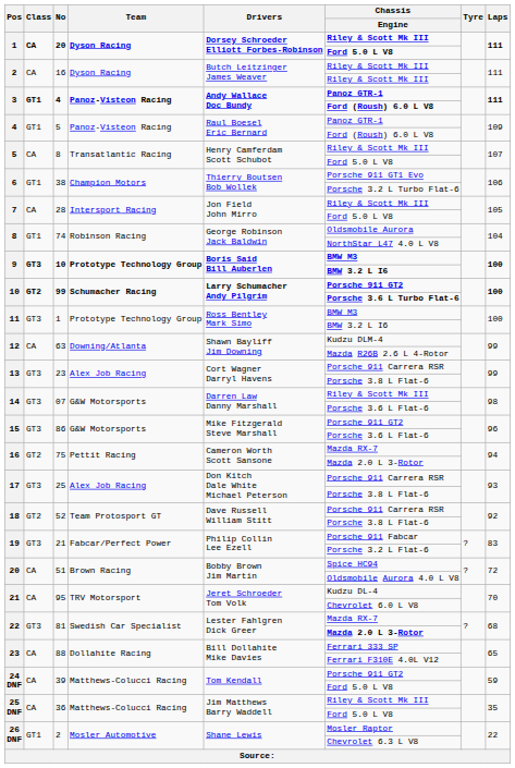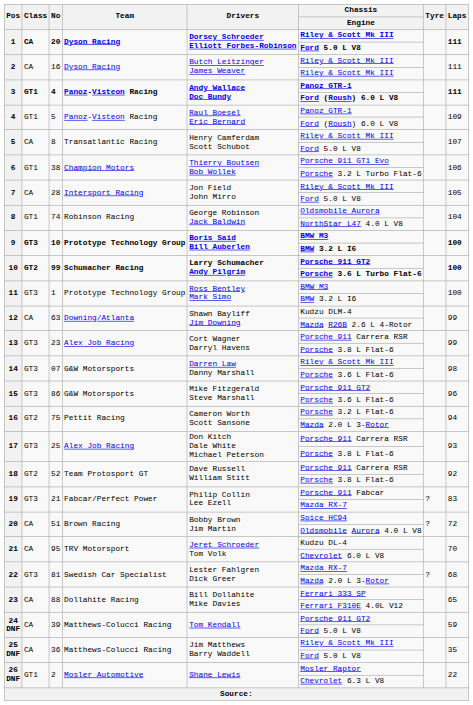 <table class="wikitable" style="font-size: 95%;">
 <tr>
 <th rowspan=2>Pos</th>
 <th rowspan=2>Class</th>
 <th rowspan=2>No</th>
 <th rowspan=2>Team</th>
 <th rowspan=2>Drivers</th>
 <th>Chassis</th>
 <th rowspan=2>Tyre</th>
 <th rowspan=2>Laps</th>
 </tr>
 <tr>
 <th>Engine</th>
 </tr>
 <tr>
 <th rowspan=2>1</th>
 <td rowspan=2><strong>CA</strong></td>
 <td rowspan=2><strong>20</strong></td>
 <td rowspan=2><strong> <a href='#'>Dyson Racing</a></strong></td>
 <td rowspan=2><strong> <a href='#'>Dorsey Schroeder</a><br> <a href='#'>Elliott Forbes-Robinson</a></strong></td>
 <td><strong><a href='#'>Riley & Scott Mk III</a></strong></td>
 <td rowspan=2></td>
 <td rowspan=2><strong>111</strong></td>
 </tr>
 <tr>
 <td><strong><a href='#'>Ford</a> 5.0 L V8</strong></td>
 </tr>
 <tr>
 <th rowspan=2>2</th>
 <td rowspan=2>CA</td>
 <td rowspan=2>16</td>
 <td rowspan=2> <a href='#'>Dyson Racing</a></td>
 <td rowspan=2> <a href='#'>Butch Leitzinger</a><br> <a href='#'>James Weaver</a></td>
 <td><a href='#'>Riley & Scott Mk III</a></td>
 <td rowspan=2></td>
 <td rowspan=2>111</td>
 </tr>
 <tr>
 <td><a href='#'>Riley & Scott Mk III</a></td>
 </tr>
 <tr>
 <th rowspan=2>3</th>
 <td rowspan=2><strong>GT1</strong></td>
 <td rowspan=2><strong>4</strong></td>
 <td rowspan=2><strong> <a href='#'>Panoz</a>-<a href='#'>Visteon</a> Racing</strong></td>
 <td rowspan=2><strong> <a href='#'>Andy Wallace</a><br> <a href='#'>Doc Bundy</a></strong></td>
 <td><strong><a href='#'>Panoz GTR-1</a></strong></td>
 <td rowspan=2></td>
 <td rowspan=2><strong>111</strong></td>
 </tr>
 <tr>
 <td><strong><a href='#'>Ford</a> (<a href='#'>Roush</a>) 6.0 L V8</strong></td>
 </tr>
 <tr>
 <th rowspan=2>4</th>
 <td rowspan=2>GT1</td>
 <td rowspan=2>5</td>
 <td rowspan=2> <a href='#'>Panoz</a>-<a href='#'>Visteon</a> Racing</td>
 <td rowspan=2> <a href='#'>Raul Boesel</a><br> <a href='#'>Eric Bernard</a></td>
 <td><a href='#'>Panoz GTR-1</a></td>
 <td rowspan=2></td>
 <td rowspan=2>109</td>
 </tr>
 <tr>
 <td><a href='#'>Ford</a> (<a href='#'>Roush</a>) 6.0 L V8</td>
 </tr>
 <tr>
 <th rowspan=2>5</th>
 <td rowspan=2>CA</td>
 <td rowspan=2>8</td>
 <td rowspan=2> Transatlantic Racing</td>
 <td rowspan=2> Henry Camferdam<br> Scott Schubot</td>
 <td><a href='#'>Riley & Scott Mk III</a></td>
 <td rowspan=2></td>
 <td rowspan=2>107</td>
 </tr>
 <tr>
 <td><a href='#'>Ford</a> 5.0 L V8</td>
 </tr>
 <tr>
 <th rowspan=2>6</th>
 <td rowspan=2>GT1</td>
 <td rowspan=2>38</td>
 <td rowspan=2> <a href='#'>Champion Motors</a></td>
 <td rowspan=2> <a href='#'>Thierry Boutsen</a><br> <a href='#'>Bob Wollek</a></td>
 <td><a href='#'>Porsche 911 GT1 Evo</a></td>
 <td rowspan=2></td>
 <td rowspan=2>106</td>
 </tr>
 <tr>
 <td><a href='#'>Porsche</a> 3.2 L Turbo Flat-6</td>
 </tr>
 <tr>
 <th rowspan=2>7</th>
 <td rowspan=2>CA</td>
 <td rowspan=2>28</td>
 <td rowspan=2> <a href='#'>Intersport Racing</a></td>
 <td rowspan=2> Jon Field<br> John Mirro</td>
 <td><a href='#'>Riley & Scott Mk III</a></td>
 <td rowspan=2></td>
 <td rowspan=2>105</td>
 </tr>
 <tr>
 <td><a href='#'>Ford</a> 5.0 L V8</td>
 </tr>
 <tr>
 <th rowspan=2>8</th>
 <td rowspan=2>GT1</td>
 <td rowspan=2>74</td>
 <td rowspan=2> Robinson Racing</td>
 <td rowspan=2> George Robinson<br> <a href='#'>Jack Baldwin</a></td>
 <td><a href='#'>Oldsmobile Aurora</a></td>
 <td rowspan=2></td>
 <td rowspan=2>104</td>
 </tr>
 <tr>
 <td><a href='#'>NorthStar L47</a> 4.0 L V8</td>
 </tr>
 <tr>
 <th rowspan=2>9</th>
 <td rowspan=2><strong>GT3</strong></td>
 <td rowspan=2><strong>10</strong></td>
 <td rowspan=2><strong> Prototype Technology Group</strong></td>
 <td rowspan=2><strong> <a href='#'>Boris Said</a><br> <a href='#'>Bill Auberlen</a></strong></td>
 <td><strong><a href='#'>BMW M3</a></strong></td>
 <td rowspan=2></td>
 <td rowspan=2><strong>100</strong></td>
 </tr>
 <tr>
 <td><strong><a href='#'>BMW</a> 3.2 L I6</strong></td>
 </tr>
 <tr>
 <th rowspan=2>10</th>
 <td rowspan=2><strong>GT2</strong></td>
 <td rowspan=2><strong>99</strong></td>
 <td rowspan=2><strong> Schumacher Racing</strong></td>
 <td rowspan=2><strong> Larry Schumacher<br> <a href='#'>Andy Pilgrim</a></strong></td>
 <td><strong><a href='#'>Porsche 911 GT2</a></strong></td>
 <td rowspan=2></td>
 <td rowspan=2><strong>100</strong></td>
 </tr>
 <tr>
 <td><strong><a href='#'>Porsche</a> 3.6 L Turbo Flat-6</strong></td>
 </tr>
 <tr>
 <th rowspan=2>11</th>
 <td rowspan=2>GT3</td>
 <td rowspan=2>1</td>
 <td rowspan=2> Prototype Technology Group</td>
 <td rowspan=2> <a href='#'>Ross Bentley</a><br> <a href='#'>Mark Simo</a></td>
 <td><a href='#'>BMW M3</a></td>
 <td rowspan=2></td>
 <td rowspan=2>100</td>
 </tr>
 <tr>
 <td><a href='#'>BMW</a> 3.2 L I6</td>
 </tr>
 <tr>
 <th rowspan=2>12</th>
 <td rowspan=2>CA</td>
 <td rowspan=2>63</td>
 <td rowspan=2> <a href='#'>Downing/Atlanta</a></td>
 <td rowspan=2> Shawn Bayliff<br> <a href='#'>Jim Downing</a></td>
 <td>Kudzu DLM-4</td>
 <td rowspan=2></td>
 <td rowspan=2>99</td>
 </tr>
 <tr>
 <td><a href='#'>Mazda</a> <a href='#'>R26B</a> 2.6 L 4-Rotor</td>
 </tr>
 <tr>
 <th rowspan=2>13</th>
 <td rowspan=2>GT3</td>
 <td rowspan=2>23</td>
 <td rowspan=2> <a href='#'>Alex Job Racing</a></td>
 <td rowspan=2> Cort Wagner<br> Darryl Havens</td>
 <td><a href='#'>Porsche 911</a> Carrera RSR</td>
 <td rowspan=2></td>
 <td rowspan=2>99</td>
 </tr>
 <tr>
 <td><a href='#'>Porsche</a> 3.8 L Flat-6</td>
 </tr>
 <tr>
 <th rowspan=2>14</th>
 <td rowspan=2>GT3</td>
 <td rowspan=2>07</td>
 <td rowspan=2> G&W Motorsports</td>
 <td rowspan=2> <a href='#'>Darren Law</a><br> Danny Marshall</td>
 <td><a href='#'>Riley & Scott Mk III</a></td>
 <td rowspan=2></td>
 <td rowspan=2>98</td>
 </tr>
 <tr>
 <td><a href='#'>Porsche</a> 3.6 L Flat-6</td>
 </tr>
 <tr>
 <th rowspan=2>15</th>
 <td rowspan=2>GT3</td>
 <td rowspan=2>86</td>
 <td rowspan=2> G&W Motorsports</td>
 <td rowspan=2> Mike Fitzgerald<br> Steve Marshall</td>
 <td><a href='#'>Porsche 911 GT2</a></td>
 <td rowspan=2></td>
 <td rowspan=2>96</td>
 </tr>
 <tr>
 <td><a href='#'>Porsche</a> 3.6 L Flat-6</td>
 </tr>
 <tr>
 <th rowspan=2>16</th>
 <td rowspan=2>GT2</td>
 <td rowspan=2>75</td>
 <td rowspan=2> Pettit Racing</td>
 <td rowspan=2> Cameron Worth<br> Scott Sansone</td>
-<td><a href='#'>Mazda RX-7</a></td>
+<td><a href='#'>Porsche</a> 3.2 L Flat-6</td>
 <td rowspan=2></td>
 <td rowspan=2>94</td>
 </tr>
 <tr>
 <td><a href='#'>Mazda</a> 2.0 L 3-<a href='#'>Rotor</a></td>
 </tr>
 <tr>
 <th rowspan=2>17</th>
 <td rowspan=2>GT3</td>
 <td rowspan=2>25</td>
 <td rowspan=2> <a href='#'>Alex Job Racing</a></td>
 <td rowspan=2> Don Kitch<br> Dale White<br> Michael Peterson</td>
 <td><a href='#'>Porsche 911</a> Carrera RSR</td>
 <td rowspan=2></td>
 <td rowspan=2>93</td>
 </tr>
 <tr>
 <td><a href='#'>Porsche</a> 3.8 L Flat-6</td>
 </tr>
 <tr>
 <th rowspan=2>18</th>
 <td rowspan=2>GT2</td>
 <td rowspan=2>52</td>
 <td rowspan=2> Team Protosport GT</td>
 <td rowspan=2> Dave Russell<br> William Stitt</td>
 <td><a href='#'>Porsche 911</a> Carrera RSR</td>
 <td rowspan=2></td>
 <td rowspan=2>92</td>
 </tr>
 <tr>
 <td><a href='#'>Porsche</a> 3.8 L Flat-6</td>
 </tr>
 <tr>
 <th rowspan=2>19</th>
 <td rowspan=2>GT3</td>
 <td rowspan=2>21</td>
 <td rowspan=2> Fabcar/Perfect Power</td>
 <td rowspan=2> Philip Collin<br> Lee Ezell</td>
 <td><a href='#'>Porsche 911</a> Fabcar</td>
 <td rowspan=2>?</td>
 <td rowspan=2>83</td>
 </tr>
 <tr>
-<td><a href='#'>Porsche</a> 3.2 L Flat-6</td>
+<td><a href='#'>Mazda RX-7</a></td>
 </tr>
 <tr>
 <th rowspan=2>20</th>
 <td rowspan=2>CA</td>
 <td rowspan=2>51</td>
 <td rowspan=2> Brown Racing</td>
 <td rowspan=2> Bobby Brown<br> Jim Martin</td>
 <td><a href='#'>Spice HC94</a></td>
 <td rowspan=2>?</td>
 <td rowspan=2>72</td>
 </tr>
 <tr>
 <td><a href='#'>Oldsmobile</a> <a href='#'>Aurora</a> 4.0 L V8</td>
 </tr>
 <tr>
 <th rowspan=2>21</th>
 <td rowspan=2>CA</td>
 <td rowspan=2>95</td>
 <td rowspan=2> TRV Motorsport</td>
 <td rowspan=2> <a href='#'>Jeret Schroeder</a><br> Tom Volk</td>
 <td>Kudzu DL-4</td>
 <td rowspan=2></td>
 <td rowspan=2>70</td>
 </tr>
 <tr>
 <td><a href='#'>Chevrolet</a> 6.0 L V8</td>
 </tr>
 <tr>
 <th rowspan="2">22</th>
 <td rowspan="2">GT3</td>
 <td rowspan="2">81</td>
 <td rowspan="2"> Swedish Car Specialist</td>
 <td rowspan="2"> Lester Fahlgren<br> Dick Greer</td>
 <td><a href='#'>Mazda RX-7</a></td>
 <td rowspan="2">?</td>
 <td rowspan="2">68</td>
 </tr>
 <tr>
-<td><strong><a href='#'>Mazda</a> 2.0 L 3-<a href='#'>Rotor</a></strong></td>
+<td><a href='#'>Mazda</a> 2.0 L 3-<a href='#'>Rotor</a></td>
 </tr>
 <tr>
 <th rowspan="2">23</th>
 <td rowspan="2">CA</td>
 <td rowspan="2">88</td>
 <td rowspan="2"> Dollahite Racing</td>
 <td rowspan="2"> Bill Dollahite<br> Mike Davies</td>
 <td><a href='#'>Ferrari 333 SP</a></td>
 <td rowspan="2"></td>
 <td rowspan="2">65</td>
 </tr>
 <tr>
 <td><a href='#'>Ferrari F310E</a> 4.0L V12</td>
 </tr>
 <tr>
 <th rowspan="2">24<br>DNF</th>
 <td rowspan="2">CA</td>
 <td rowspan="2">39</td>
 <td rowspan="2"> Matthews-Colucci Racing</td>
 <td rowspan="2"> <a href='#'>Tom Kendall</a></td>
 <td><a href='#'>Porsche 911 GT2</a></td>
 <td rowspan="2"></td>
 <td rowspan="2">59</td>
 </tr>
 <tr>
 <td><a href='#'>Ford</a> 5.0 L V8</td>
 </tr>
 <tr>
 <th rowspan="2">25<br>DNF</th>
 <td rowspan="2">CA</td>
 <td rowspan="2">36</td>
 <td rowspan="2"> Matthews-Colucci Racing</td>
 <td rowspan="2"> Jim Matthews<br> Barry Waddell</td>
 <td><a href='#'>Riley & Scott Mk III</a></td>
 <td rowspan="2"></td>
 <td rowspan="2">35</td>
 </tr>
 <tr>
 <td><a href='#'>Ford</a> 5.0 L V8</td>
 </tr>
 <tr>
 <th rowspan="2">26<br>DNF</th>
 <td rowspan="2">GT1</td>
 <td rowspan="2">2</td>
 <td rowspan="2"> <a href='#'>Mosler Automotive</a></td>
 <td rowspan="2"> <a href='#'>Shane Lewis</a></td>
 <td><a href='#'>Mosler Raptor</a></td>
 <td rowspan="2"></td>
 <td rowspan="2">22</td>
 </tr>
 <tr>
 <td><a href='#'>Chevrolet</a> 6.3 L V8</td>
 </tr>
 <tr>
 <th colspan="8">Source:</th>
 </tr>
 </table>
